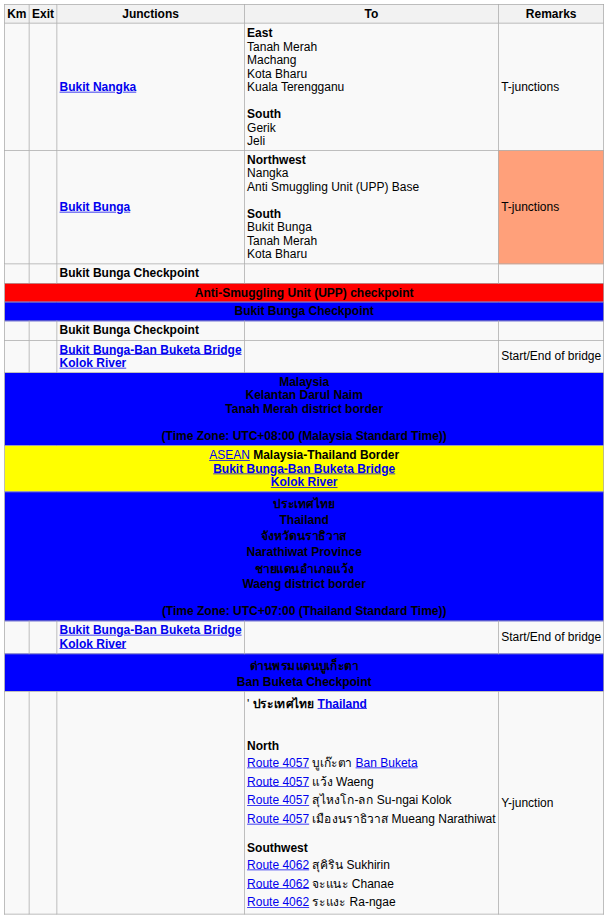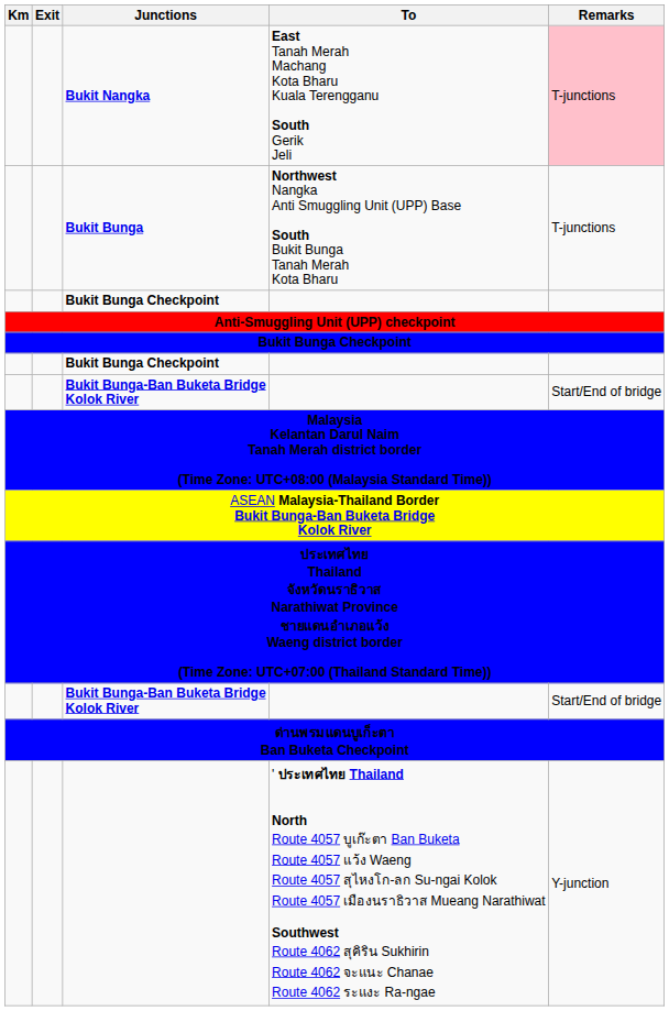 <table class="wikitable">
 <tr>
 <th>Km</th>
 <th>Exit</th>
 <th>Junctions</th>
 <th>To</th>
 <th>Remarks</th>
 </tr>
 <tr>
 <td></td>
 <td></td>
 <td><strong><a href='#'>Bukit Nangka</a></strong></td>
 <td><strong>East</strong><br>  Tanah Merah<br>  Machang<br> Kota Bharu<br>  Kuala Terengganu<br><br><strong>South</strong><br>  Gerik<br>  Jeli</td>
-<td>T-junctions</td>
+<td style="background: pink;">T-junctions</td>
 </tr>
 <tr>
 <td></td>
 <td></td>
 <td><strong><a href='#'>Bukit Bunga</a></strong></td>
 <td><strong>Northwest</strong><br> Nangka<br>Anti Smuggling Unit (UPP) Base<br><br><strong>South</strong><br> Bukit Bunga<br>  Tanah Merah<br> Kota Bharu</td>
-<td style="background: lightsalmon;">T-junctions</td>
+<td>T-junctions</td>
 </tr>
 <tr>
 <td></td>
 <td></td>
 <td><strong>Bukit Bunga Checkpoint</strong></td>
 <td></td>
 <td></td>
 </tr>
 <tr>
 <td colspan="6" style="width:600px; text-align:center; background:red;"><strong><span>Anti-Smuggling Unit (UPP) checkpoint</span></strong></td>
 </tr>
 <tr>
 <td colspan="6" style="width:600px; text-align:center; background:blue;"><strong><span>Bukit Bunga Checkpoint</span></strong></td>
 </tr>
 <tr>
 <td></td>
 <td></td>
 <td><strong>Bukit Bunga Checkpoint</strong></td>
 <td></td>
 <td></td>
 </tr>
 <tr>
 <td></td>
 <td></td>
 <td><strong><a href='#'>Bukit Bunga-Ban Buketa Bridge</a><br><a href='#'>Kolok River</a></strong></td>
 <td></td>
 <td>Start/End of bridge</td>
 </tr>
 <tr>
 <td colspan="6" style="width:600px; text-align:center; background:blue;"><strong><span>Malaysia <br>Kelantan Darul Naim<br>Tanah Merah district border<br><br>(Time Zone: UTC+08:00 (Malaysia Standard Time))</span></strong></td>
 </tr>
 <tr>
 <td colspan="6" style="width:600px; text-align:center; background:yellow;"><span><a href='#'>ASEAN</a> <strong>Malaysia-Thailand Border</strong><br><strong><a href='#'>Bukit Bunga-Ban Buketa Bridge</a><br><a href='#'>Kolok River</a></strong></span></td>
 </tr>
 <tr>
 <td colspan="6" style="width:600px; text-align:center; background:blue;"><strong><span>ประเทศไทย<br>Thailand<br>จังหวัดนราธิวาส<br>Narathiwat Province<br>ชายแดนอำเภอแว้ง<br>Waeng district border<br><br>(Time Zone: UTC+07:00 (Thailand Standard Time))</span></strong></td>
 </tr>
 <tr>
 <td></td>
 <td></td>
 <td><strong><a href='#'>Bukit Bunga-Ban Buketa Bridge</a><br><a href='#'>Kolok River</a></strong></td>
 <td></td>
 <td>Start/End of bridge</td>
 </tr>
 <tr>
 <td colspan="6" style="width:600px; text-align:center; background:blue;"><strong><span>ด่านพรมแดนบูเก็ะตา<br>Ban Buketa Checkpoint</span></strong></td>
 </tr>
 <tr>
 <td></td>
 <td></td>
 <td></td>
 <td>' <strong>ประเทศไทย <a href='#'>Thailand</a></strong><br><br><br><strong>North</strong><br> <a href='#'>Route 4057</a> บูเก๊ะตา <a href='#'>Ban Buketa</a><br> <a href='#'>Route 4057</a> แว้ง Waeng<br> <a href='#'>Route 4057</a> สุไหงโก-ลก Su-ngai Kolok<br> <a href='#'>Route 4057</a> เมืองนราธิวาส Mueang Narathiwat<br><br><strong>Southwest</strong><br> <a href='#'>Route 4062</a> สุคิริน Sukhirin<br> <a href='#'>Route 4062</a> จะแนะ Chanae<br> <a href='#'>Route 4062</a> ระแงะ Ra-ngae</td>
 <td>Y-junction</td>
 </tr>
 </table>
